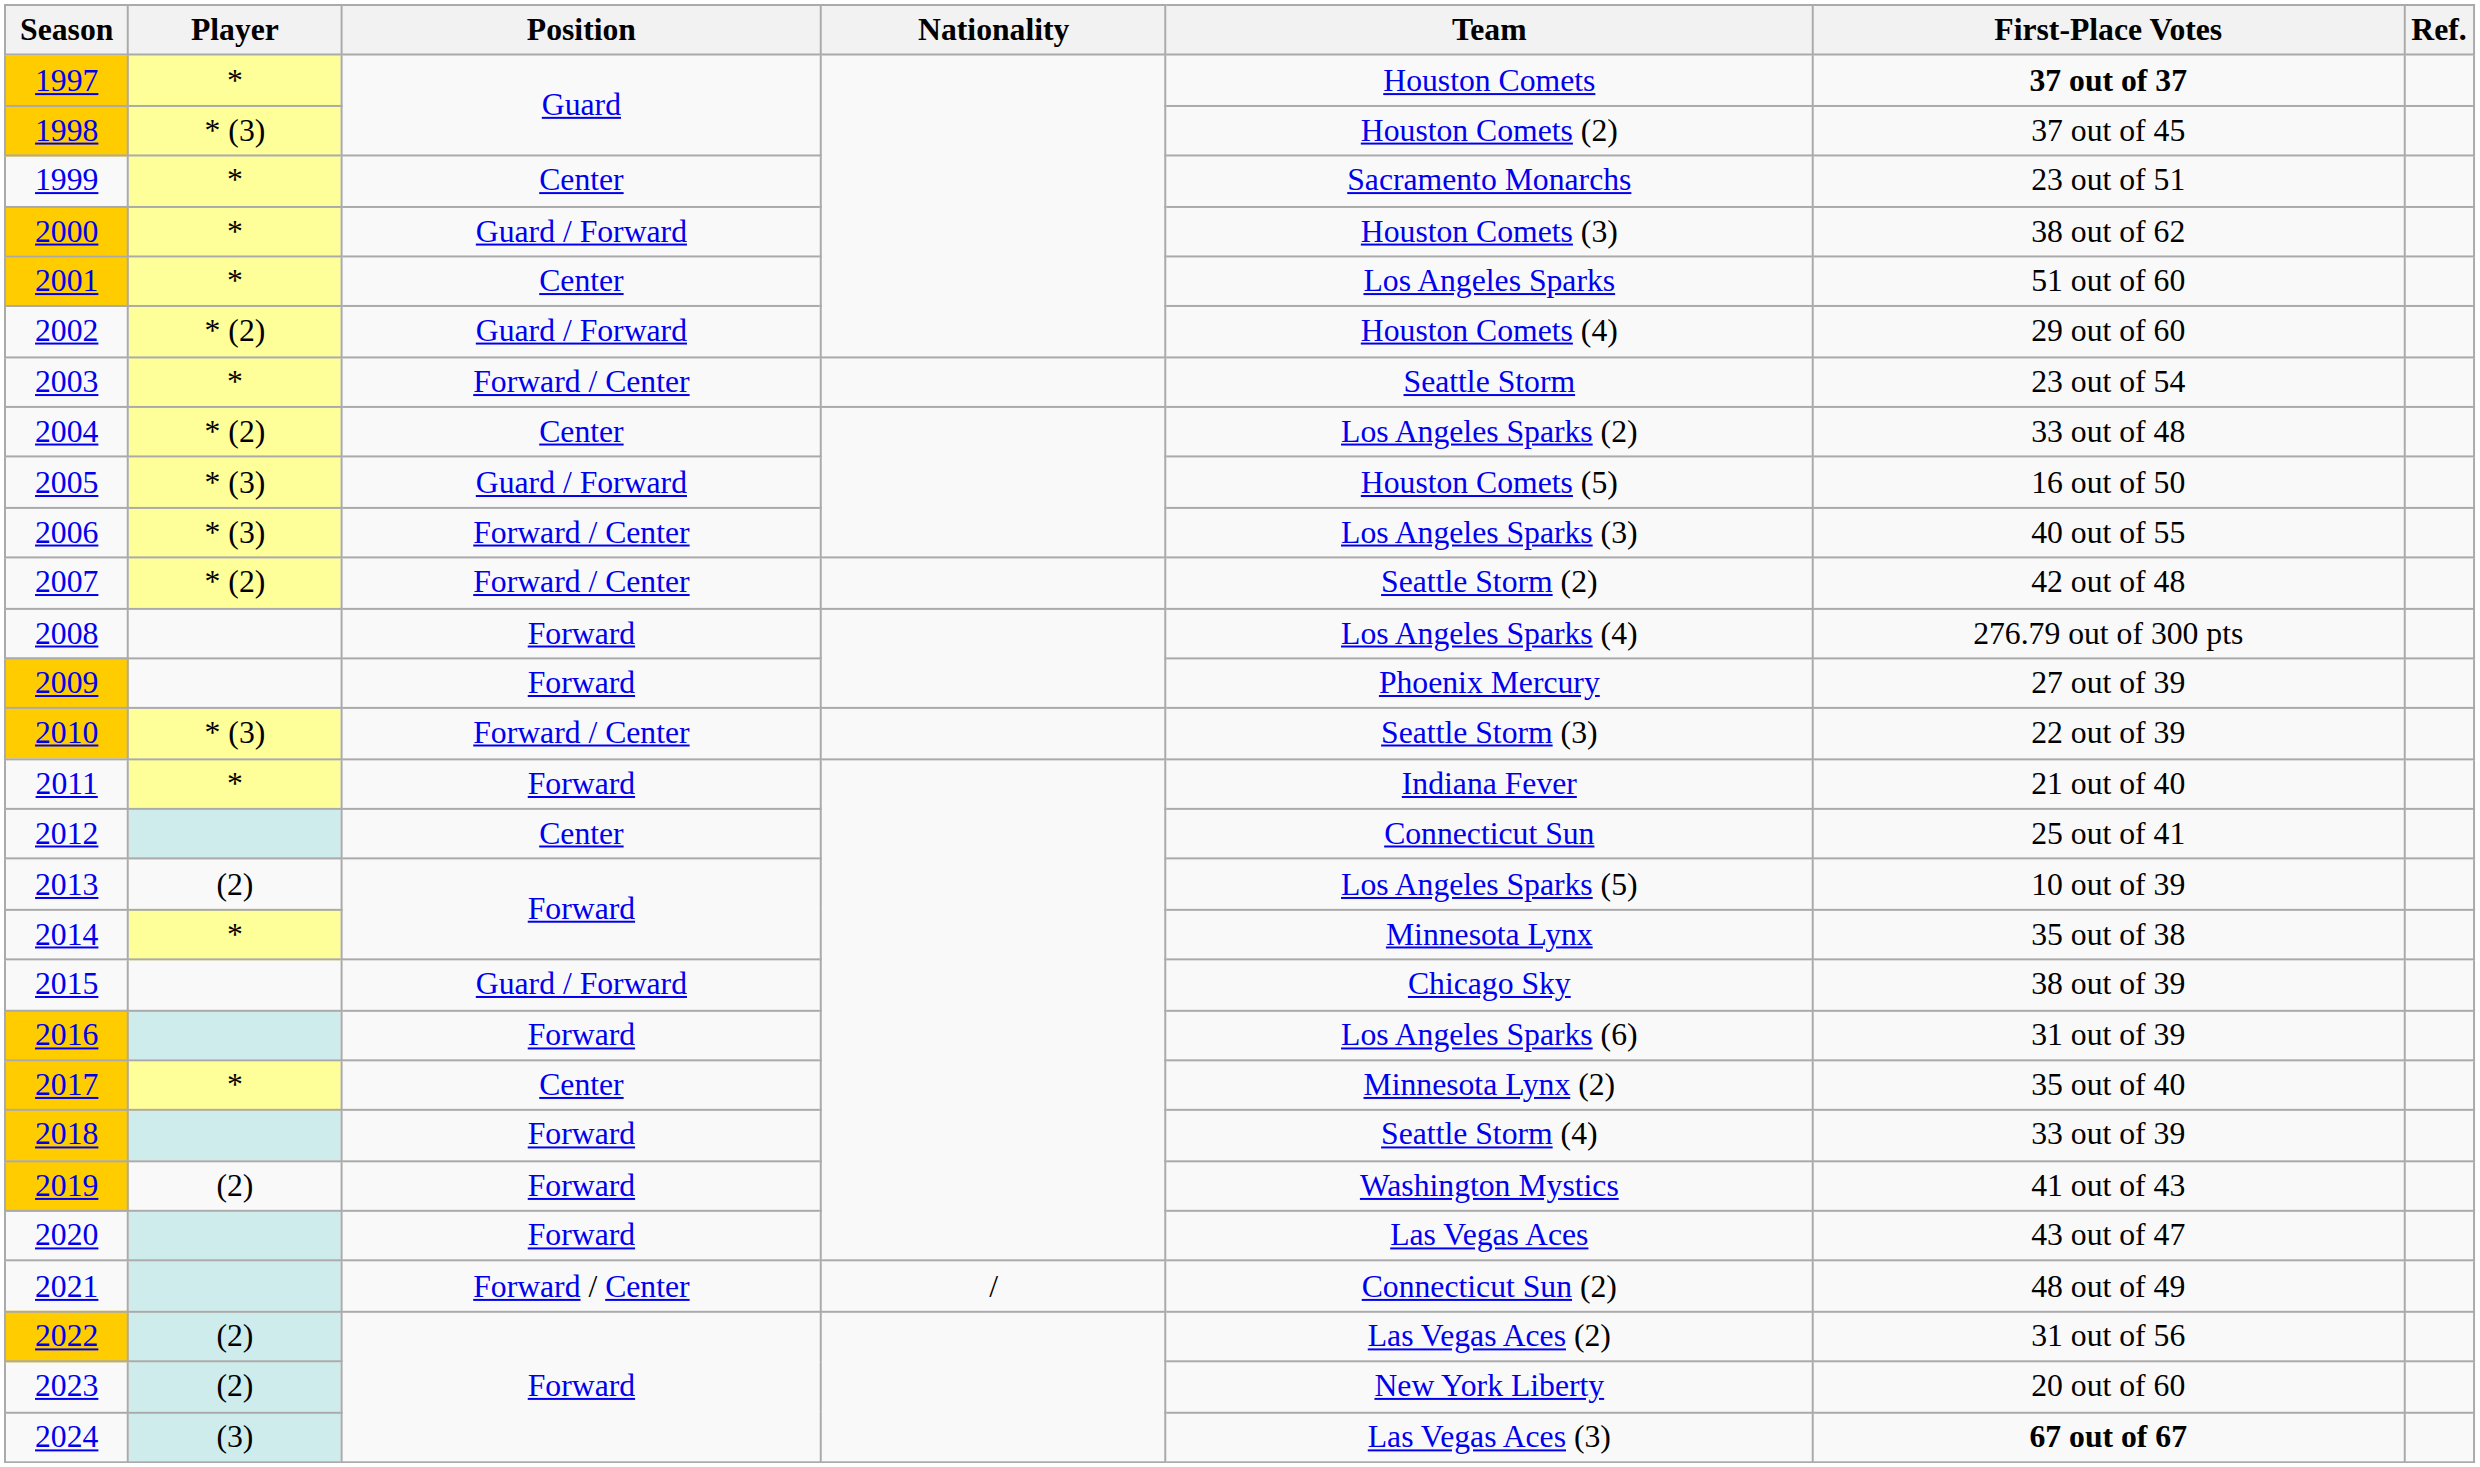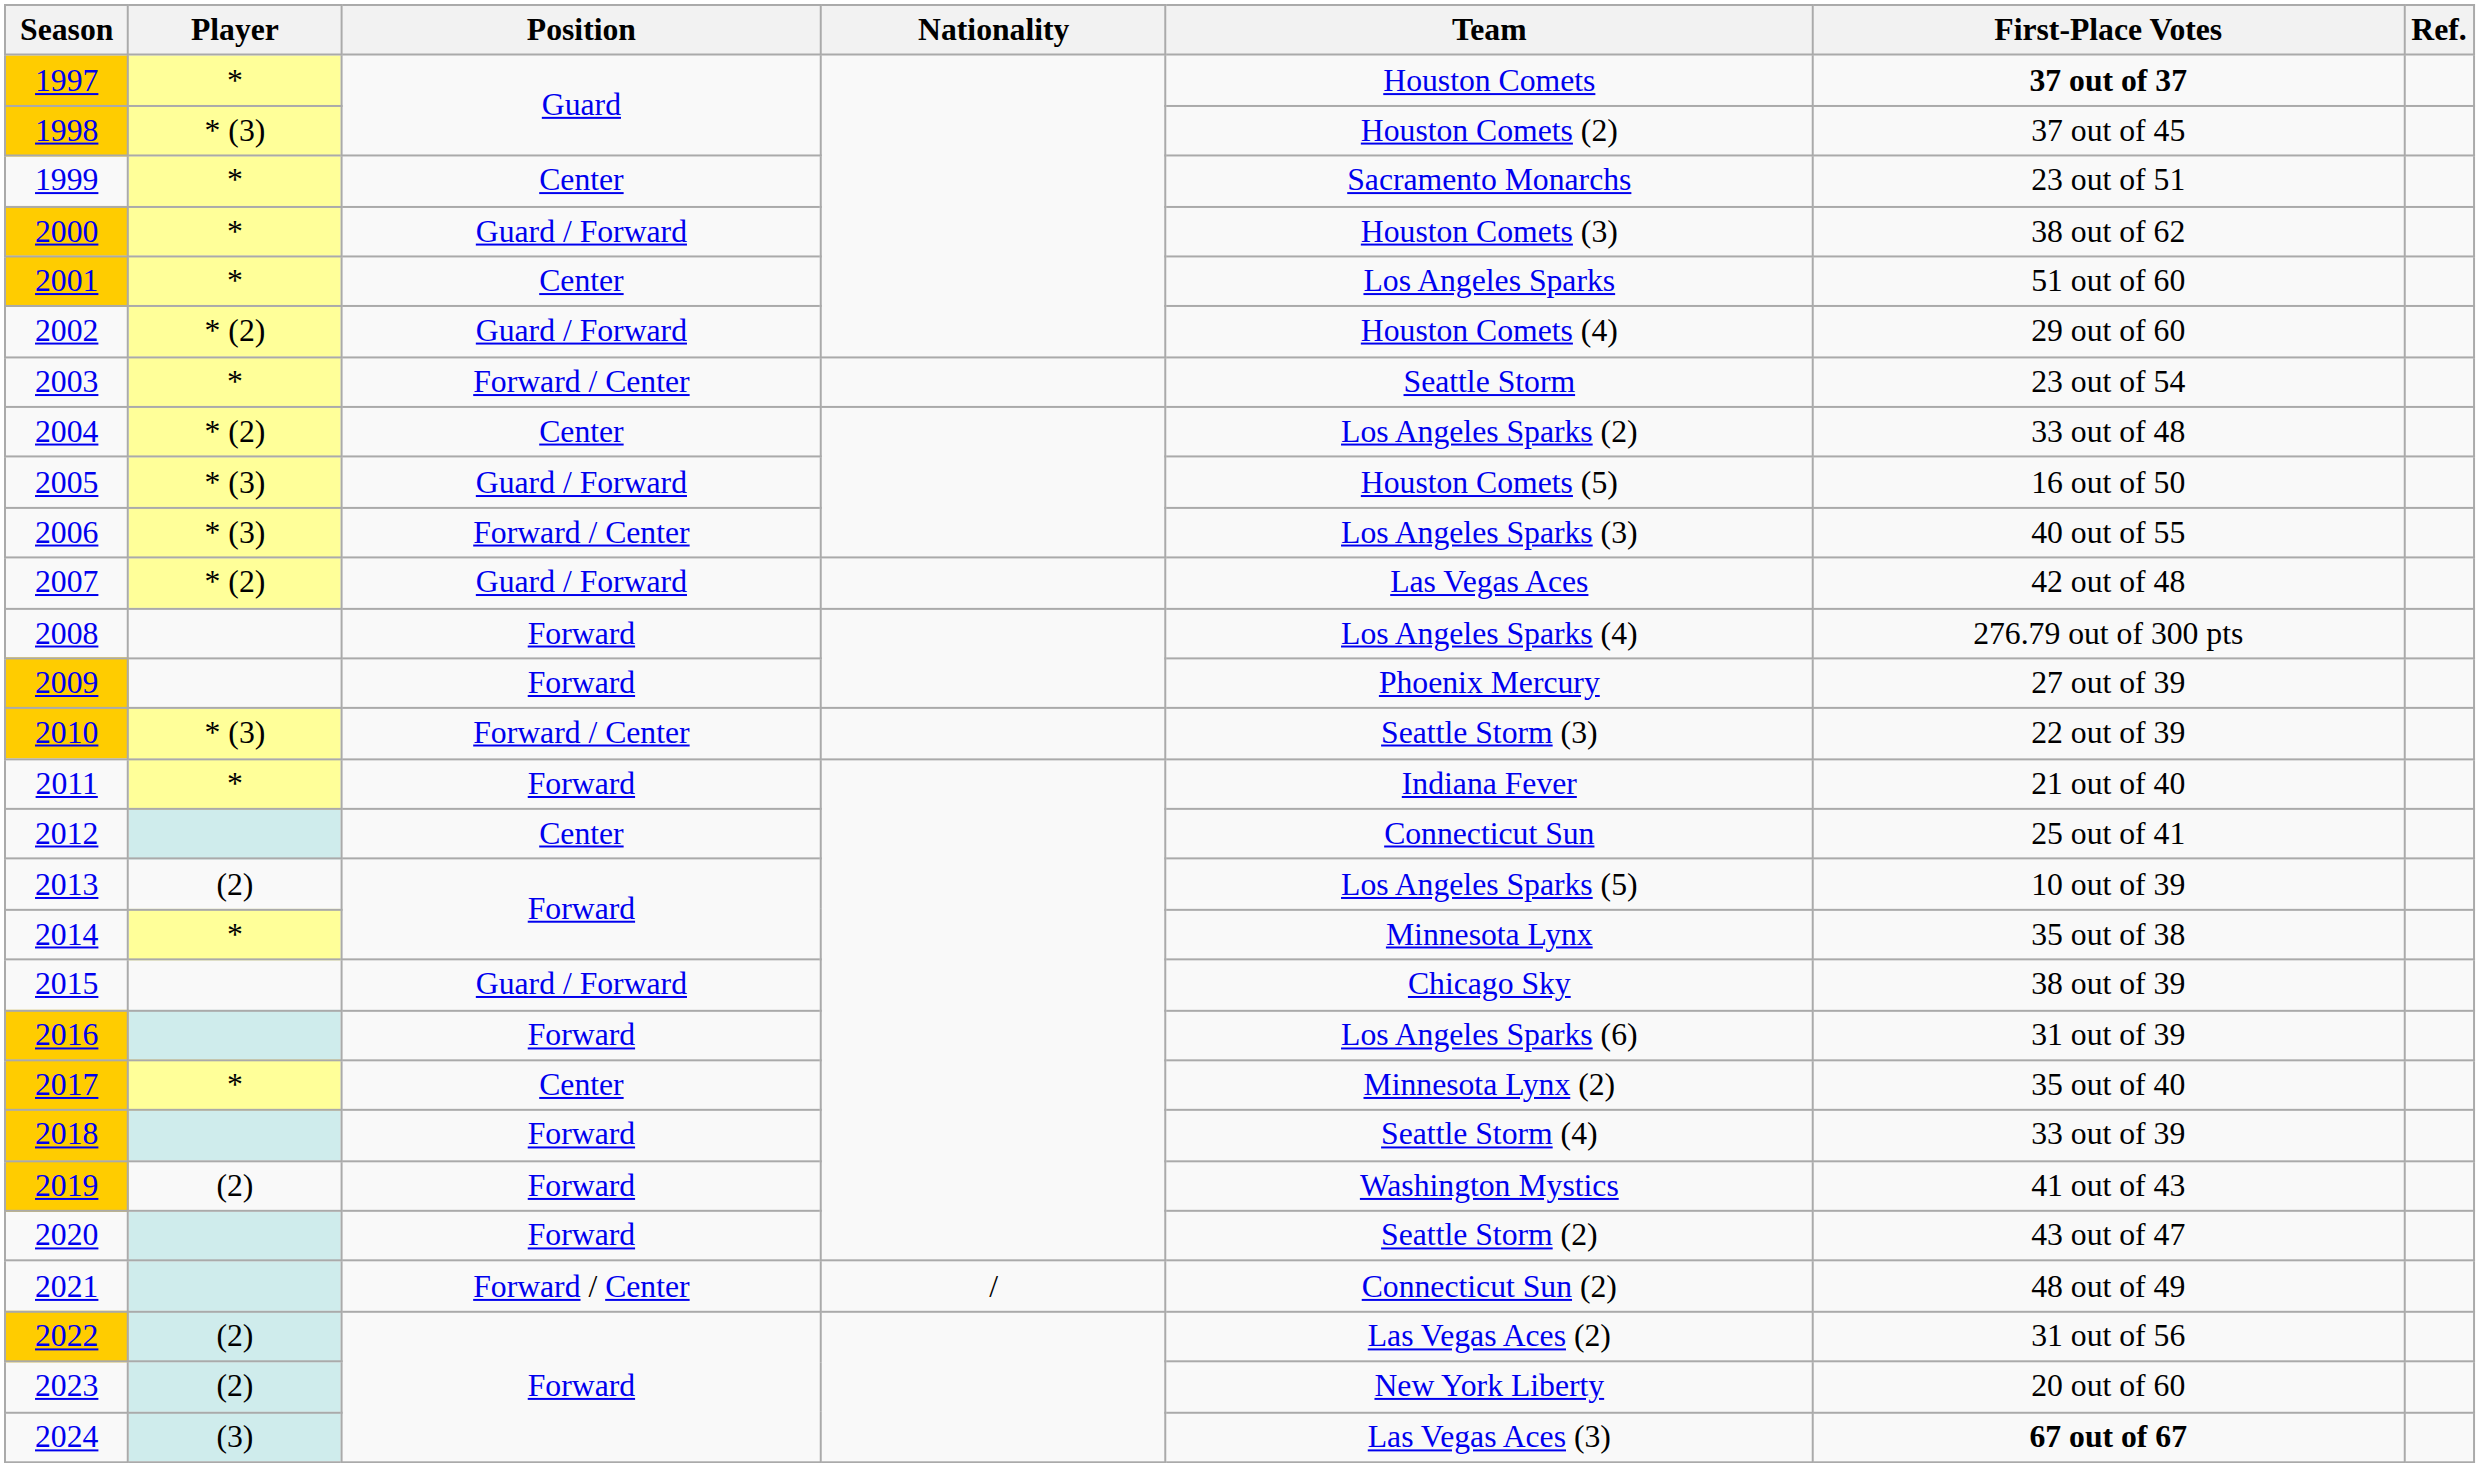 <table class="wikitable sortable" style="text-align:center;">
 <tr>
 <th scope="col" width="5%">Season</th>
 <th scope="col">Player</th>
 <th scope="col">Position</th>
 <th scope="col">Nationality</th>
 <th scope="col">Team</th>
 <th scope="col">First-Place Votes</th>
 <th scope="col" width="1%" class="unsortable">Ref.</th>
 </tr>
 <tr>
 <td style="background-color:#FFCC00;"><a href='#'>1997</a></td>
 <td style="background-color:#FFFF99"> * </td>
 <td rowspan=2><a href='#'>Guard</a></td>
 <td rowspan=6></td>
 <td><a href='#'>Houston Comets</a></td>
 <td><strong>37 out of 37</strong></td>
 <td></td>
 </tr>
 <tr>
 <td style="background-color:#FFCC00;"><a href='#'>1998</a></td>
 <td style="background-color:#FFFF99"> *  (3)</td>
 <td><a href='#'>Houston Comets</a> (2)</td>
 <td>37 out of 45</td>
 <td></td>
 </tr>
 <tr>
 <td><a href='#'>1999</a></td>
 <td style="background-color:#FFFF99"> * </td>
 <td><a href='#'>Center</a></td>
 <td><a href='#'>Sacramento Monarchs</a></td>
 <td>23 out of 51</td>
 <td></td>
 </tr>
 <tr>
 <td style="background-color:#FFCC00;"><a href='#'>2000</a></td>
 <td style="background-color:#FFFF99"> * </td>
 <td><a href='#'>Guard / Forward</a></td>
 <td><a href='#'>Houston Comets</a> (3)</td>
 <td>38 out of 62</td>
 <td></td>
 </tr>
 <tr>
 <td style="background-color:#FFCC00;"><a href='#'>2001</a></td>
 <td style="background-color:#FFFF99"> * </td>
 <td><a href='#'>Center</a></td>
 <td><a href='#'>Los Angeles Sparks</a></td>
 <td>51 out of 60</td>
 <td></td>
 </tr>
 <tr>
 <td><a href='#'>2002</a></td>
 <td style="background-color:#FFFF99"> *  (2)</td>
 <td><a href='#'>Guard / Forward</a></td>
 <td><a href='#'>Houston Comets</a> (4)</td>
 <td>29 out of 60</td>
 <td></td>
 </tr>
 <tr>
 <td><a href='#'>2003</a></td>
 <td style="background-color:#FFFF99"> * </td>
 <td><a href='#'>Forward / Center</a></td>
 <td></td>
 <td><a href='#'>Seattle Storm</a></td>
 <td>23 out of 54</td>
 <td></td>
 </tr>
 <tr>
 <td><a href='#'>2004</a></td>
 <td style="background-color:#FFFF99"> *  (2)</td>
 <td><a href='#'>Center</a></td>
 <td rowspan=3></td>
 <td><a href='#'>Los Angeles Sparks</a> (2)</td>
 <td>33 out of 48</td>
 <td></td>
 </tr>
 <tr>
 <td><a href='#'>2005</a></td>
 <td style="background-color:#FFFF99"> *  (3)</td>
 <td><a href='#'>Guard / Forward</a></td>
 <td><a href='#'>Houston Comets</a> (5)</td>
 <td>16 out of 50</td>
 <td></td>
 </tr>
 <tr>
 <td><a href='#'>2006</a></td>
 <td style="background-color:#FFFF99"> *  (3)</td>
 <td><a href='#'>Forward / Center</a></td>
 <td><a href='#'>Los Angeles Sparks</a> (3)</td>
 <td>40 out of 55</td>
 <td></td>
 </tr>
 <tr>
 <td><a href='#'>2007</a></td>
 <td style="background-color:#FFFF99"> *  (2)</td>
-<td><a href='#'>Forward / Center</a></td>
+<td><a href='#'>Guard / Forward</a></td>
 <td></td>
-<td><a href='#'>Seattle Storm</a> (2)</td>
+<td><a href='#'>Las Vegas Aces</a></td>
 <td>42 out of 48</td>
 <td></td>
 </tr>
 <tr>
 <td><a href='#'>2008</a></td>
 <td></td>
 <td><a href='#'>Forward</a></td>
 <td rowspan=2></td>
 <td><a href='#'>Los Angeles Sparks</a> (4)</td>
 <td>276.79 out of 300 pts</td>
 <td></td>
 </tr>
 <tr>
 <td style="background-color:#FFCC00;"><a href='#'>2009</a></td>
 <td></td>
 <td><a href='#'>Forward</a></td>
 <td><a href='#'>Phoenix Mercury</a></td>
 <td>27 out of 39</td>
 <td></td>
 </tr>
 <tr>
 <td style="background-color:#FFCC00;"><a href='#'>2010</a></td>
 <td style="background-color:#FFFF99"> *  (3)</td>
 <td><a href='#'>Forward / Center</a></td>
 <td></td>
 <td><a href='#'>Seattle Storm</a> (3)</td>
 <td>22 out of 39</td>
 <td></td>
 </tr>
 <tr>
 <td><a href='#'>2011</a></td>
 <td style="background-color:#FFFF99"> * </td>
 <td><a href='#'>Forward</a></td>
 <td rowspan=10></td>
 <td><a href='#'>Indiana Fever</a></td>
 <td>21 out of 40</td>
 <td></td>
 </tr>
 <tr>
 <td><a href='#'>2012</a></td>
 <td style="background-color:#CFECEC"></td>
 <td><a href='#'>Center</a></td>
 <td><a href='#'>Connecticut Sun</a></td>
 <td>25 out of 41</td>
 <td></td>
 </tr>
 <tr>
 <td><a href='#'>2013</a></td>
 <td> (2)</td>
 <td rowspan=2><a href='#'>Forward</a></td>
 <td><a href='#'>Los Angeles Sparks</a> (5)</td>
 <td>10 out of 39</td>
 <td></td>
 </tr>
 <tr>
 <td><a href='#'>2014</a></td>
 <td style="background-color:#FFFF99">* </td>
 <td><a href='#'>Minnesota Lynx</a></td>
 <td>35 out of 38</td>
 <td></td>
 </tr>
 <tr>
 <td><a href='#'>2015</a></td>
 <td></td>
 <td><a href='#'>Guard / Forward</a></td>
 <td><a href='#'>Chicago Sky</a></td>
 <td>38 out of 39</td>
 <td></td>
 </tr>
 <tr>
 <td style="background-color:#FFCC00;"><a href='#'>2016</a></td>
 <td style="background-color:#CFECEC"></td>
 <td><a href='#'>Forward</a></td>
 <td><a href='#'>Los Angeles Sparks</a> (6)</td>
 <td>31 out of 39</td>
 <td></td>
 </tr>
 <tr>
 <td style="background-color:#FFCC00;"><a href='#'>2017</a></td>
 <td style="background-color:#FFFF99">*</td>
 <td><a href='#'>Center</a></td>
 <td><a href='#'>Minnesota Lynx</a> (2)</td>
 <td>35 out of 40</td>
 <td></td>
 </tr>
 <tr>
 <td style="background-color:#FFCC00;"><a href='#'>2018</a></td>
 <td style="background-color:#CFECEC"></td>
 <td><a href='#'>Forward</a></td>
 <td><a href='#'>Seattle Storm</a> (4)</td>
 <td>33 out of 39</td>
 <td></td>
 </tr>
 <tr>
 <td style="background-color:#FFCC00;"><a href='#'>2019</a></td>
 <td> (2)</td>
 <td><a href='#'>Forward</a></td>
 <td><a href='#'>Washington Mystics</a></td>
 <td>41 out of 43</td>
 <td></td>
 </tr>
 <tr>
 <td><a href='#'>2020</a></td>
 <td style="background-color:#CFECEC"></td>
 <td><a href='#'>Forward</a></td>
-<td><a href='#'>Las Vegas Aces</a></td>
+<td><a href='#'>Seattle Storm</a> (2)</td>
 <td>43 out of 47</td>
 <td></td>
 </tr>
 <tr>
 <td><a href='#'>2021</a></td>
 <td style="background-color:#CFECEC"></td>
 <td><a href='#'>Forward</a> / <a href='#'>Center</a></td>
 <td> / </td>
 <td><a href='#'>Connecticut Sun</a> (2)</td>
 <td>48 out of 49</td>
 <td></td>
 </tr>
 <tr>
 <td style="background-color:#FFCC00;"><a href='#'>2022</a></td>
 <td style="background-color:#CFECEC"> (2)</td>
 <td rowspan=3><a href='#'>Forward</a></td>
 <td rowspan=3></td>
 <td><a href='#'>Las Vegas Aces</a> (2)</td>
 <td>31 out of 56</td>
 <td></td>
 </tr>
 <tr>
 <td><a href='#'>2023</a></td>
 <td style="background-color:#CFECEC"> (2)</td>
 <td><a href='#'>New York Liberty</a></td>
 <td>20 out of 60</td>
 <td></td>
 </tr>
 <tr>
 <td><a href='#'>2024</a></td>
 <td style="background-color:#CFECEC"> (3)</td>
 <td><a href='#'>Las Vegas Aces</a> (3)</td>
 <td><strong>67 out of 67</strong></td>
 <td></td>
 </tr>
 </table>
